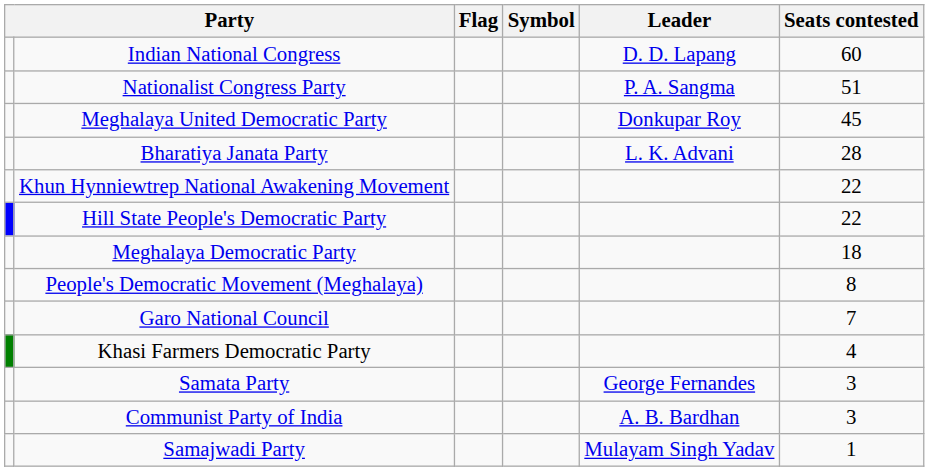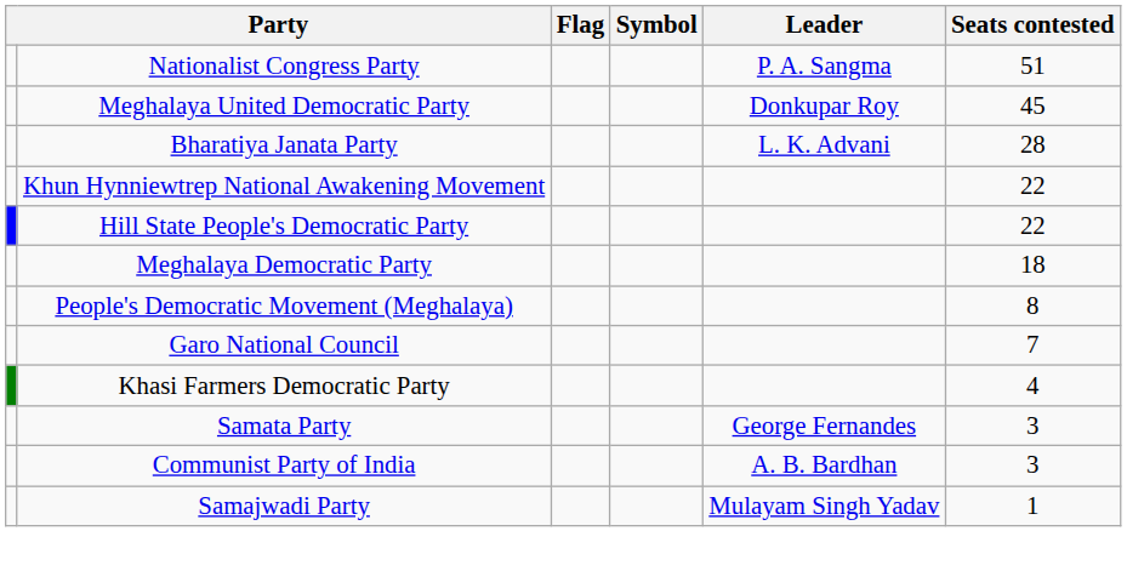 <table class="wikitable" style="text-align:center;">
 <tr>
 <th colspan="2">Party</th>
 <th>Flag</th>
 <th>Symbol</th>
 <th>Leader</th>
 <th>Seats contested</th>
-</tr>
-<tr>
-<td></td>
-<td><a href='#'>Indian National Congress</a></td>
-<td></td>
-<td></td>
-<td><a href='#'>D. D. Lapang</a></td>
-<td>60</td>
 </tr>
 <tr>
 <td></td>
 <td><a href='#'>Nationalist Congress Party</a></td>
 <td></td>
 <td></td>
 <td><a href='#'>P. A. Sangma</a></td>
 <td>51</td>
 </tr>
 <tr>
 <td></td>
 <td><a href='#'>Meghalaya United Democratic Party</a></td>
 <td></td>
 <td></td>
 <td><a href='#'>Donkupar Roy</a></td>
 <td>45</td>
 </tr>
 <tr>
 <td></td>
 <td><a href='#'>Bharatiya Janata Party</a></td>
 <td></td>
 <td></td>
 <td><a href='#'>L. K. Advani</a></td>
 <td>28</td>
 </tr>
 <tr>
 <td></td>
 <td><a href='#'>Khun Hynniewtrep National Awakening Movement</a></td>
 <td></td>
 <td></td>
 <td></td>
 <td>22</td>
 </tr>
 <tr>
 <td style="background-color: blue;"></td>
 <td><a href='#'>Hill State People's Democratic Party</a></td>
 <td></td>
 <td></td>
 <td></td>
 <td>22</td>
 </tr>
 <tr>
 <td></td>
 <td><a href='#'>Meghalaya Democratic Party</a></td>
 <td></td>
 <td></td>
 <td></td>
 <td>18</td>
 </tr>
 <tr>
 <td></td>
 <td><a href='#'>People's Democratic Movement (Meghalaya)</a></td>
 <td></td>
 <td></td>
 <td></td>
 <td>8</td>
 </tr>
 <tr>
 <td></td>
 <td><a href='#'>Garo National Council</a></td>
 <td></td>
 <td></td>
 <td></td>
 <td>7</td>
 </tr>
 <tr>
 <td style="background-color: green;"></td>
 <td>Khasi Farmers Democratic Party</td>
 <td></td>
 <td></td>
 <td></td>
 <td>4</td>
 </tr>
 <tr>
 <td></td>
 <td><a href='#'>Samata Party</a></td>
 <td></td>
 <td></td>
 <td><a href='#'>George Fernandes</a></td>
 <td>3</td>
 </tr>
 <tr>
 <td></td>
 <td><a href='#'>Communist Party of India</a></td>
 <td></td>
 <td></td>
 <td><a href='#'>A. B. Bardhan</a></td>
 <td>3</td>
 </tr>
 <tr>
 <td></td>
 <td><a href='#'>Samajwadi Party</a></td>
 <td></td>
 <td></td>
 <td><a href='#'>Mulayam Singh Yadav</a></td>
 <td>1</td>
 </tr>
 </table>
